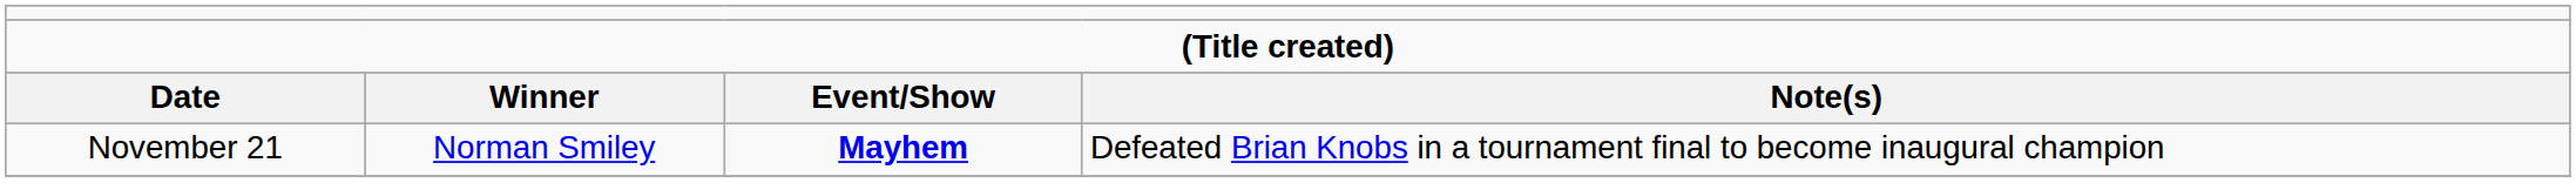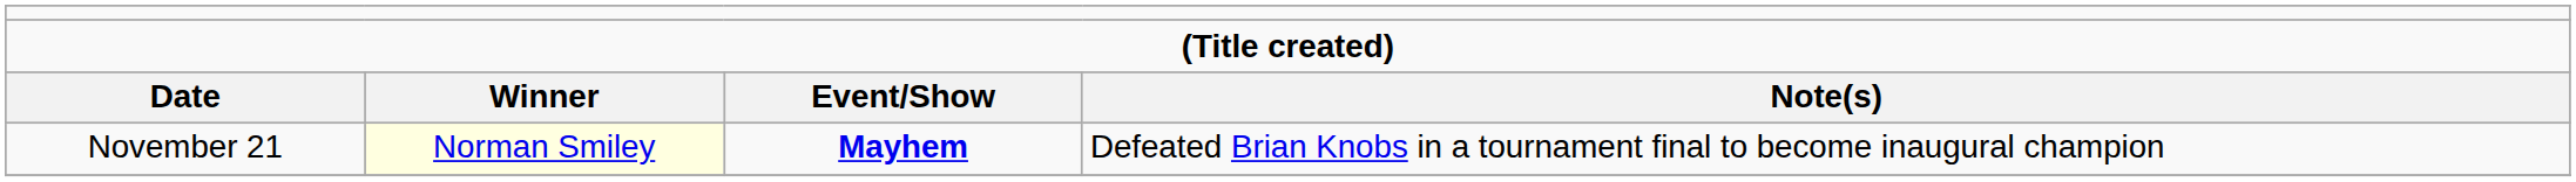 <table class="wikitable" style="text-align:center; width:100%;">
 <tr>
 <td colspan="5"></td>
 </tr>
 <tr>
 <td colspan="5"><strong>(Title created)</strong></td>
 </tr>
 <tr>
 <th width=14%>Date</th>
 <th width=14%>Winner</th>
 <th width=14%>Event/Show</th>
 <th width=58%>Note(s)</th>
 </tr>
 <tr>
 <td>November 21</td>
-<td><a href='#'>Norman Smiley</a></td>
+<td style="background: lightyellow;"><a href='#'>Norman Smiley</a></td>
 <td><strong><a href='#'>Mayhem</a></strong></td>
 <td align=left>Defeated <a href='#'>Brian Knobs</a> in a tournament final to become inaugural champion</td>
 </tr>
 <tr>
 </tr>
 </table>
